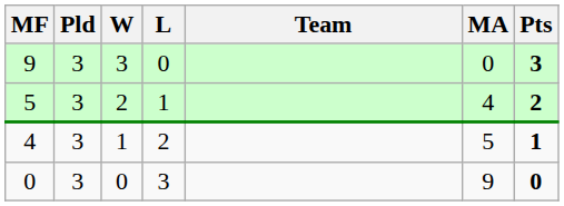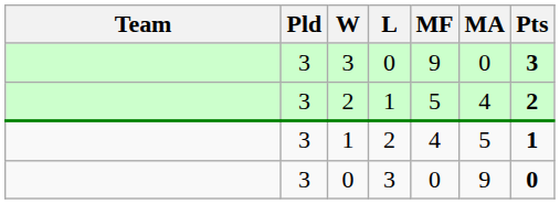 <table class=wikitable style="text-align:center">
 <tr>
-<th width=20>MF</th>
+<th width=175>Team</th>
 <th width=20>Pld</th>
 <th width=20>W</th>
 <th width=20>L</th>
-<th width=175>Team</th>
+<th width=20>MF</th>
 <th width=20>MA</th>
 <th width=20>Pts</th>
 </tr>
 <tr bgcolor=ccffcc>
-<td>9</td>
+<td style="text-align:left"></td>
 <td>3</td>
 <td>3</td>
 <td>0</td>
-<td style="text-align:left"></td>
+<td>9</td>
 <td>0</td>
 <td><strong>3</strong></td>
 </tr>
 <tr bgcolor=ccffcc style="border-bottom:2px solid green;">
-<td>5</td>
+<td style="text-align:left"></td>
 <td>3</td>
 <td>2</td>
 <td>1</td>
-<td style="text-align:left"></td>
+<td>5</td>
 <td>4</td>
 <td><strong>2</strong></td>
 </tr>
 <tr>
-<td>4</td>
+<td style="text-align:left"></td>
 <td>3</td>
 <td>1</td>
 <td>2</td>
-<td style="text-align:left"></td>
+<td>4</td>
 <td>5</td>
 <td><strong>1</strong></td>
 </tr>
 <tr>
+<td style="text-align:left"></td>
+<td>3</td>
 <td>0</td>
 <td>3</td>
 <td>0</td>
-<td>3</td>
-<td style="text-align:left"></td>
 <td>9</td>
 <td><strong>0</strong></td>
 </tr>
 </table>
